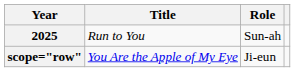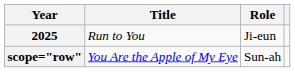 <table class="wikitable plainrowheaders">
 <tr>
 <th scope="col">Year</th>
 <th scope="col">Title</th>
 <th scope="col">Role</th>
 <th scope="col" class="unsortable"></th>
 </tr>
 <tr>
 <th scope="row">2025</th>
 <td><em>Run to You</em></td>
-<td>Sun-ah</td>
+<td>Ji-eun</td>
 <td style="text-align:center"></td>
 </tr>
 <tr>
 <th>scope="row" </th>
 <td><em><a href='#'>You Are the Apple of My Eye</a></em></td>
-<td>Ji-eun</td>
+<td>Sun-ah</td>
 <td style="text-align:center"></td>
 </tr>
 </table>
